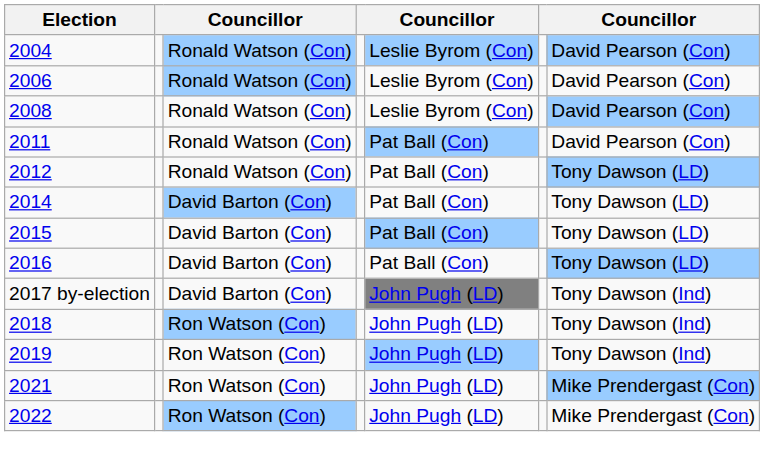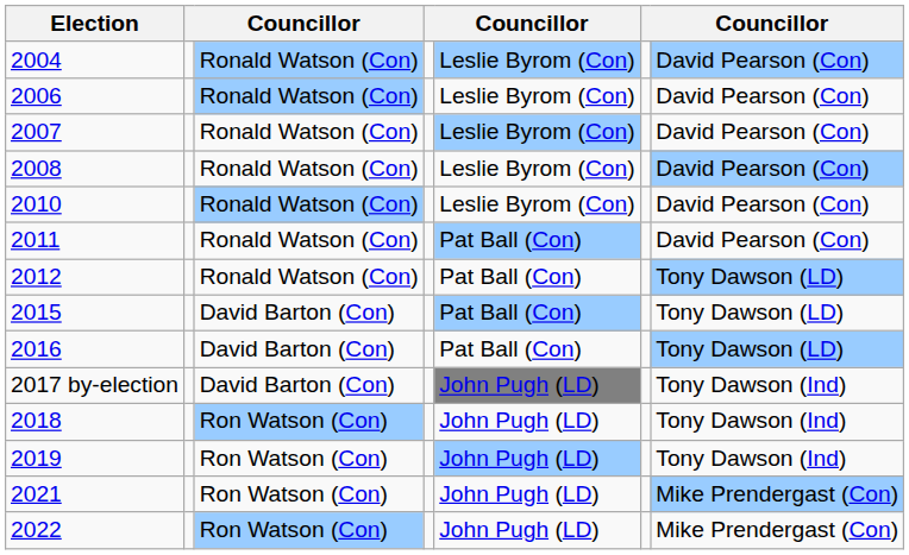 <table class="wikitable">
 <tr>
 <th>Election</th>
 <th colspan="2">Councillor</th>
 <th colspan="2">Councillor</th>
 <th colspan="2">Councillor</th>
 </tr>
 <tr>
 <td><a href='#'>2004</a></td>
 <td style="background-color: "></td>
 <td bgcolor="#99CCFF">Ronald Watson (<a href='#'>Con</a>)</td>
 <td style="background-color: "></td>
 <td bgcolor="#99CCFF">Leslie Byrom (<a href='#'>Con</a>)</td>
 <td style="background-color: "></td>
 <td bgcolor="#99CCFF">David Pearson (<a href='#'>Con</a>)</td>
 </tr>
 <tr>
 <td><a href='#'>2006</a></td>
 <td style="background-color: "></td>
 <td bgcolor="#99CCFF">Ronald Watson (<a href='#'>Con</a>)</td>
 <td style="background-color: "></td>
 <td>Leslie Byrom (<a href='#'>Con</a>)</td>
 <td style="background-color: "></td>
 <td>David Pearson (<a href='#'>Con</a>)</td>
 </tr>
 <tr>
+<td><a href='#'>2007</a></td>
+<td style="background-color: "></td>
+<td>Ronald Watson (<a href='#'>Con</a>)</td>
+<td style="background-color: "></td>
+<td bgcolor="#99CCFF">Leslie Byrom (<a href='#'>Con</a>)</td>
+<td style="background-color: "></td>
+<td>David Pearson (<a href='#'>Con</a>)</td>
+</tr>
+<tr>
 <td><a href='#'>2008</a></td>
 <td style="background-color: "></td>
 <td>Ronald Watson (<a href='#'>Con</a>)</td>
 <td style="background-color: "></td>
 <td>Leslie Byrom (<a href='#'>Con</a>)</td>
 <td style="background-color: "></td>
 <td bgcolor="#99CCFF">David Pearson (<a href='#'>Con</a>)</td>
+</tr>
+<tr>
+<td><a href='#'>2010</a></td>
+<td style="background-color: "></td>
+<td bgcolor="#99CCFF">Ronald Watson (<a href='#'>Con</a>)</td>
+<td style="background-color: "></td>
+<td>Leslie Byrom (<a href='#'>Con</a>)</td>
+<td style="background-color: "></td>
+<td>David Pearson (<a href='#'>Con</a>)</td>
 </tr>
 <tr>
 <td><a href='#'>2011</a></td>
 <td style="background-color: "></td>
 <td>Ronald Watson (<a href='#'>Con</a>)</td>
 <td style="background-color: "></td>
 <td bgcolor="#99CCFF">Pat Ball (<a href='#'>Con</a>)</td>
 <td style="background-color: "></td>
 <td>David Pearson (<a href='#'>Con</a>)</td>
 </tr>
 <tr>
 <td><a href='#'>2012</a></td>
 <td style="background-color: "></td>
 <td>Ronald Watson (<a href='#'>Con</a>)</td>
 <td style="background-color: "></td>
 <td>Pat Ball (<a href='#'>Con</a>)</td>
 <td style="background-color: "></td>
 <td bgcolor="#99CCFF">Tony Dawson (<a href='#'>LD</a>)</td>
-</tr>
-<tr>
-<td><a href='#'>2014</a></td>
-<td style="background-color: "></td>
-<td bgcolor="#99CCFF">David Barton (<a href='#'>Con</a>)</td>
-<td style="background-color: "></td>
-<td>Pat Ball (<a href='#'>Con</a>)</td>
-<td style="background-color: "></td>
-<td>Tony Dawson (<a href='#'>LD</a>)</td>
 </tr>
 <tr>
 <td><a href='#'>2015</a></td>
 <td style="background-color: "></td>
 <td>David Barton (<a href='#'>Con</a>)</td>
 <td style="background-color: "></td>
 <td bgcolor="#99CCFF">Pat Ball (<a href='#'>Con</a>)</td>
 <td style="background-color: "></td>
 <td>Tony Dawson (<a href='#'>LD</a>)</td>
 </tr>
 <tr>
 <td><a href='#'>2016</a></td>
 <td style="background-color: "></td>
 <td>David Barton (<a href='#'>Con</a>)</td>
 <td style="background-color: "></td>
 <td>Pat Ball (<a href='#'>Con</a>)</td>
 <td style="background-color: "></td>
 <td bgcolor="#99CCFF">Tony Dawson (<a href='#'>LD</a>)</td>
 </tr>
 <tr>
 <td>2017 by-election</td>
 <td style="background-color: "></td>
 <td>David Barton (<a href='#'>Con</a>)</td>
 <td style="background-color: "></td>
 <td bgcolor="#808080"><a href='#'>John Pugh</a> (<a href='#'>LD</a>)</td>
 <td style="background-color: "></td>
 <td>Tony Dawson (<a href='#'>Ind</a>)</td>
 </tr>
 <tr>
 <td><a href='#'>2018</a></td>
 <td style="background-color: "></td>
 <td bgcolor="#99CCFF">Ron Watson (<a href='#'>Con</a>)</td>
 <td style="background-color: "></td>
 <td><a href='#'>John Pugh</a> (<a href='#'>LD</a>)</td>
 <td style="background-color: "></td>
 <td>Tony Dawson (<a href='#'>Ind</a>)</td>
 </tr>
 <tr>
 <td><a href='#'>2019</a></td>
 <td style="background-color: "></td>
 <td>Ron Watson (<a href='#'>Con</a>)</td>
 <td style="background-color: "></td>
 <td bgcolor="#99CCFF"><a href='#'>John Pugh</a> (<a href='#'>LD</a>)</td>
 <td style="background-color: "></td>
 <td>Tony Dawson (<a href='#'>Ind</a>)</td>
 </tr>
 <tr>
 <td><a href='#'>2021</a></td>
 <td style="background-color: "></td>
 <td>Ron Watson (<a href='#'>Con</a>)</td>
 <td style="background-color: "></td>
 <td><a href='#'>John Pugh</a> (<a href='#'>LD</a>)</td>
 <td style="background-color: "></td>
 <td bgcolor="#99CCFF">Mike Prendergast (<a href='#'>Con</a>)</td>
 </tr>
 <tr>
 <td><a href='#'>2022</a></td>
 <td style="background-color: "></td>
 <td bgcolor="#99CCFF">Ron Watson (<a href='#'>Con</a>)</td>
 <td style="background-color: "></td>
 <td><a href='#'>John Pugh</a> (<a href='#'>LD</a>)</td>
 <td style="background-color: "></td>
 <td>Mike Prendergast (<a href='#'>Con</a>)</td>
 </tr>
 </table>
